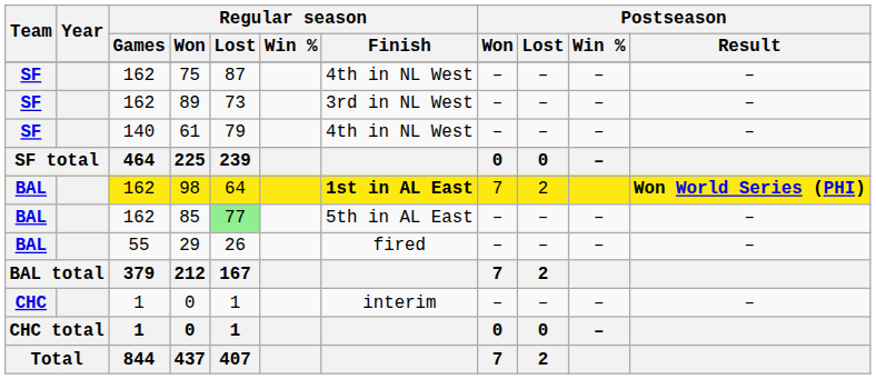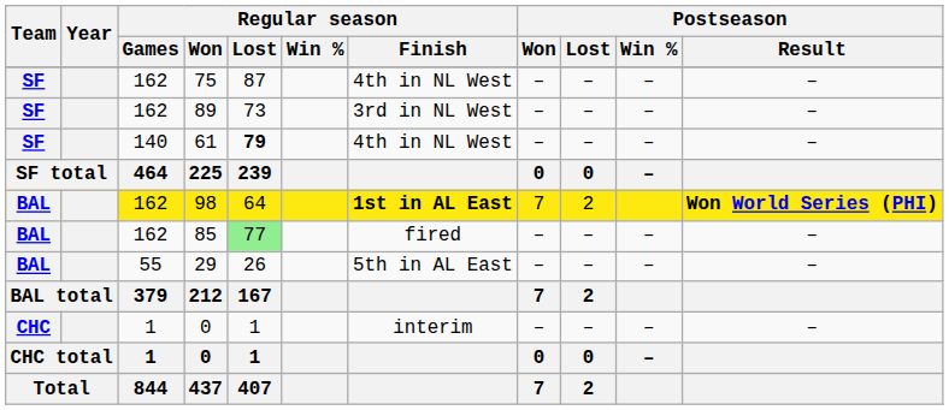 <table class="wikitable" style="font-size: 95%; text-align:center;">
 <tr>
 <th rowspan="2">Team</th>
 <th rowspan="2">Year</th>
 <th colspan="5">Regular season</th>
 <th colspan="4">Postseason</th>
 </tr>
 <tr>
 <th>Games</th>
 <th>Won</th>
 <th>Lost</th>
 <th>Win %</th>
 <th>Finish</th>
 <th>Won</th>
 <th>Lost</th>
 <th>Win %</th>
 <th>Result</th>
 </tr>
 <tr>
 </tr>
 <tr>
 <th><a href='#'>SF</a></th>
 <th></th>
 <td>162</td>
 <td>75</td>
 <td>87</td>
 <td></td>
 <td>4th in NL West</td>
 <td>–</td>
 <td>–</td>
 <td>–</td>
 <td>–</td>
 </tr>
 <tr>
 <th><a href='#'>SF</a></th>
 <th></th>
 <td>162</td>
 <td>89</td>
 <td>73</td>
 <td></td>
 <td>3rd in NL West</td>
 <td>–</td>
 <td>–</td>
 <td>–</td>
 <td>–</td>
 </tr>
 <tr>
 <th><a href='#'>SF</a></th>
 <th></th>
 <td>140</td>
 <td>61</td>
-<td>79</td>
+<td><strong>79</strong></td>
 <td></td>
 <td>4th in NL West</td>
 <td>–</td>
 <td>–</td>
 <td>–</td>
 <td>–</td>
 </tr>
 <tr>
 <th colspan="2">SF total</th>
 <th>464</th>
 <th>225</th>
 <th>239</th>
 <th></th>
 <th></th>
 <th>0</th>
 <th>0</th>
 <th>–</th>
 <th></th>
 </tr>
 <tr style="background:#fde910">
 <th><a href='#'>BAL</a></th>
 <th></th>
 <td>162</td>
 <td>98</td>
 <td>64</td>
 <td></td>
 <td><strong>1st in AL East</strong></td>
 <td>7</td>
 <td>2</td>
 <td></td>
 <td><strong>Won <a href='#'>World Series</a> (<a href='#'>PHI</a>)</strong></td>
 </tr>
 <tr>
 <th><a href='#'>BAL</a></th>
 <th></th>
 <td>162</td>
 <td>85</td>
 <td style="background: lightgreen;">77</td>
 <td></td>
-<td>5th in AL East</td>
+<td>fired</td>
 <td>–</td>
 <td>–</td>
 <td>–</td>
 <td>–</td>
 </tr>
 <tr>
 <th><a href='#'>BAL</a></th>
 <th></th>
 <td>55</td>
 <td>29</td>
 <td>26</td>
 <td></td>
-<td>fired</td>
+<td>5th in AL East</td>
 <td>–</td>
 <td>–</td>
 <td>–</td>
 <td>–</td>
 </tr>
 <tr>
 <th colspan="2">BAL total</th>
 <th>379</th>
 <th>212</th>
 <th>167</th>
 <th></th>
 <th></th>
 <th>7</th>
 <th>2</th>
 <th></th>
 <th></th>
 </tr>
 <tr>
 <th><a href='#'>CHC</a></th>
 <th></th>
 <td>1</td>
 <td>0</td>
 <td>1</td>
 <td></td>
 <td>interim</td>
 <td>–</td>
 <td>–</td>
 <td>–</td>
 <td>–</td>
 </tr>
 <tr>
 <th colspan="2">CHC total</th>
 <th>1</th>
 <th>0</th>
 <th>1</th>
 <th></th>
 <th></th>
 <th>0</th>
 <th>0</th>
 <th>–</th>
 <th></th>
 </tr>
 <tr>
 <th colspan="2">Total</th>
 <th>844</th>
 <th>437</th>
 <th>407</th>
 <th></th>
 <th></th>
 <th>7</th>
 <th>2</th>
 <th></th>
 <th></th>
 </tr>
 </table>
